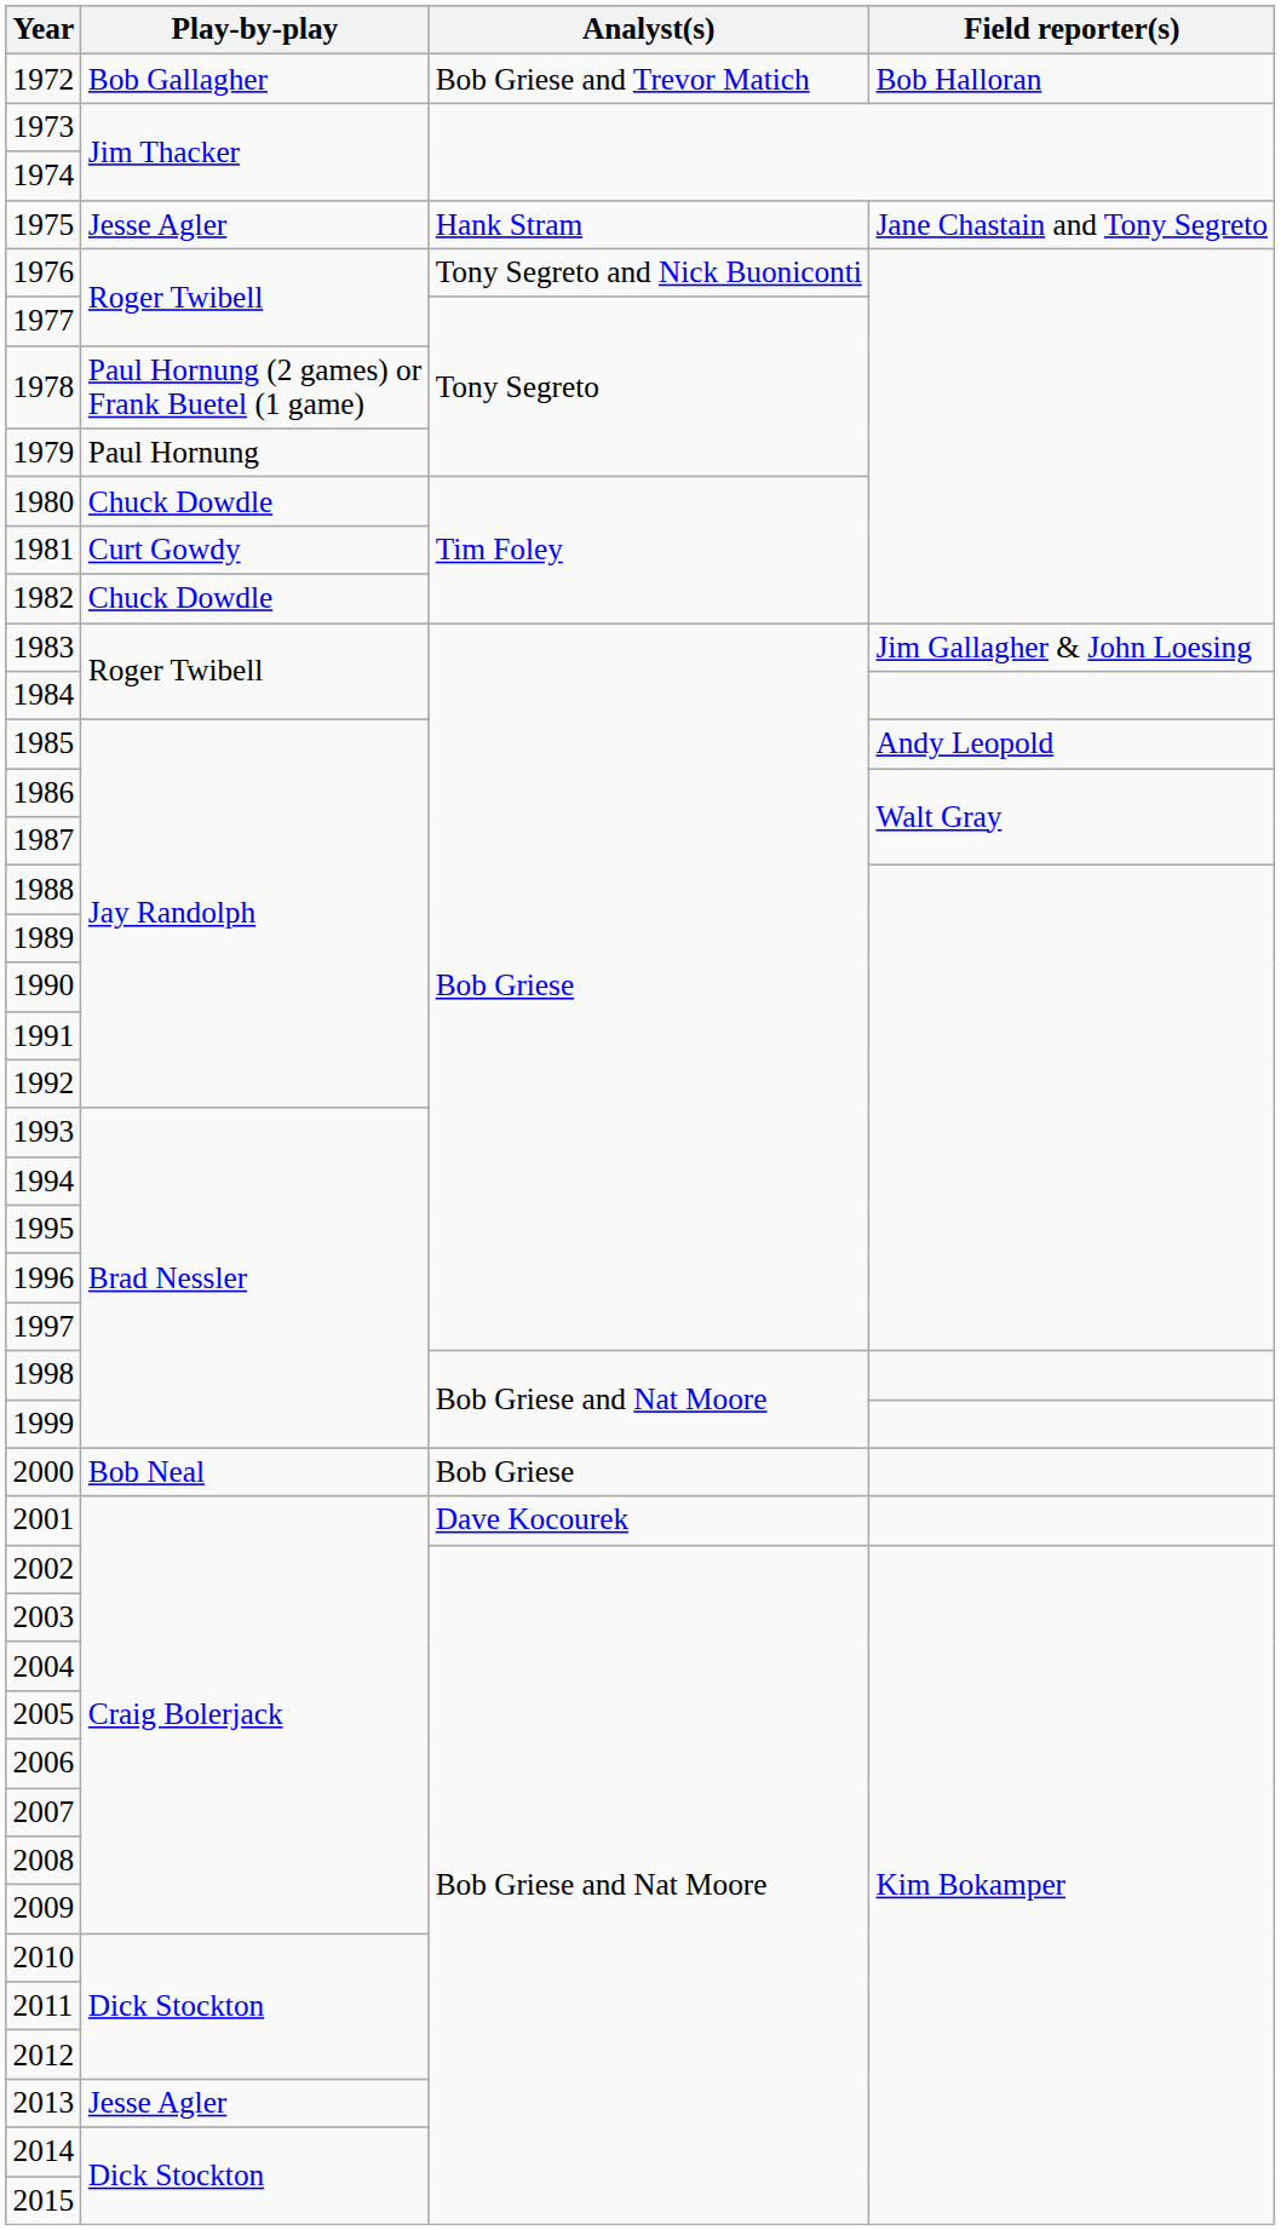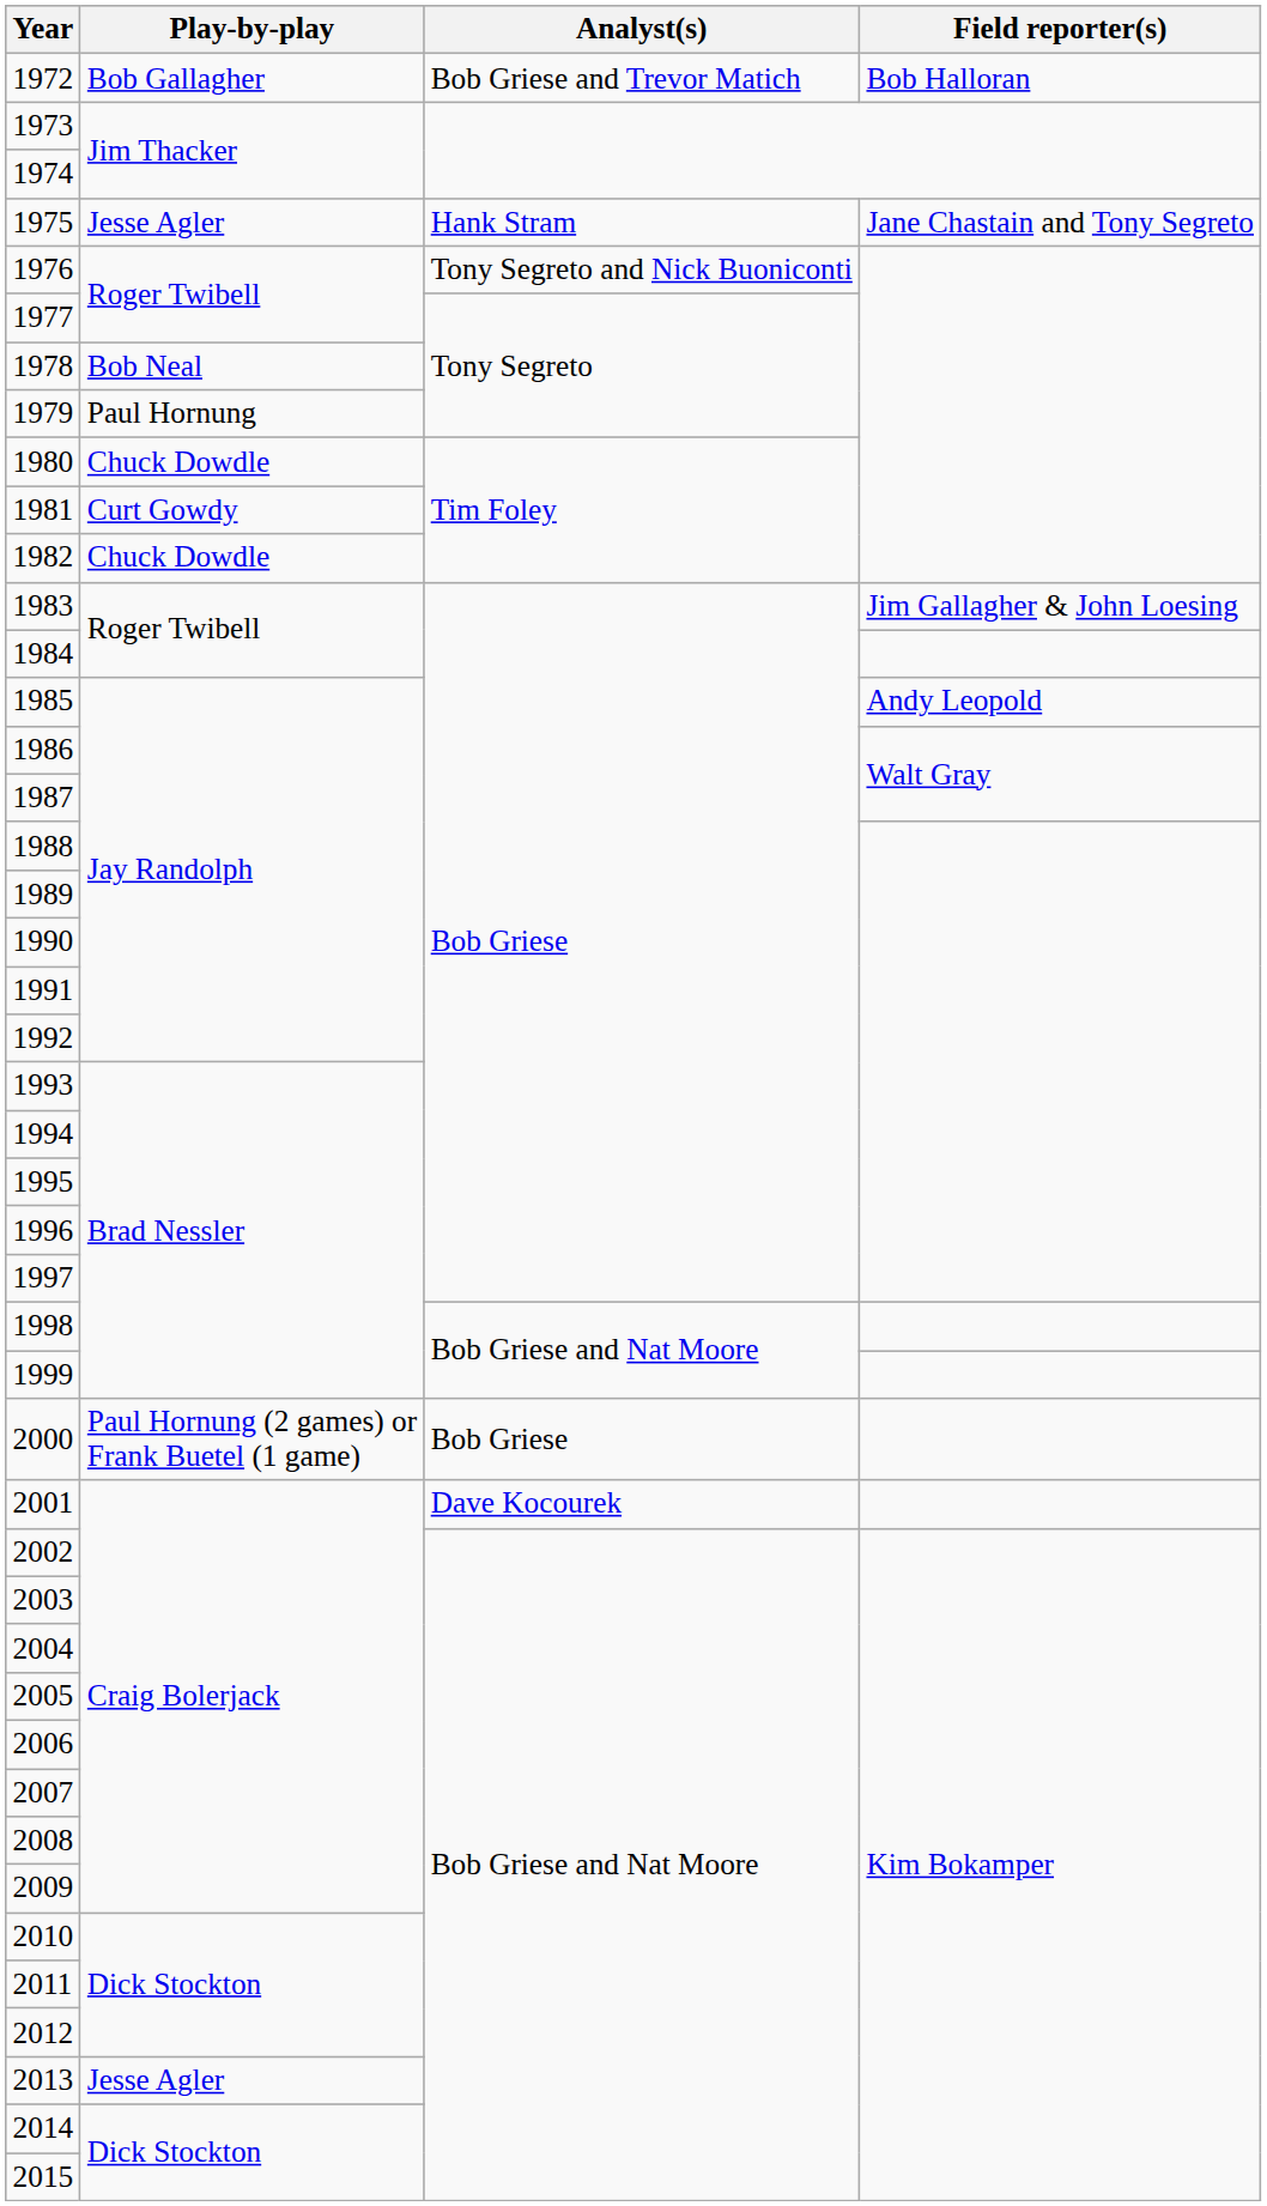 <table class="wikitable">
 <tr>
 <th>Year</th>
 <th>Play-by-play</th>
 <th>Analyst(s)</th>
 <th>Field reporter(s)</th>
 </tr>
 <tr>
 <td>1972</td>
 <td rowspan=1><a href='#'>Bob Gallagher</a></td>
 <td rowspan=1>Bob Griese and <a href='#'>Trevor Matich</a></td>
 <td rowspan=1><a href='#'>Bob Halloran</a></td>
 </tr>
 <tr>
 <td>1973</td>
 <td rowspan=2><a href='#'>Jim Thacker</a></td>
 </tr>
 <tr>
 <td>1974</td>
 </tr>
 <tr>
 <td>1975</td>
 <td rowspan=1><a href='#'>Jesse Agler</a></td>
 <td rowspan=1><a href='#'>Hank Stram</a></td>
 <td rowspan=1><a href='#'>Jane Chastain</a> and <a href='#'>Tony Segreto</a></td>
 </tr>
 <tr>
 <td>1976</td>
 <td rowspan=2><a href='#'>Roger Twibell</a></td>
 <td rowspan=1>Tony Segreto and <a href='#'>Nick Buoniconti</a></td>
 </tr>
 <tr>
 <td>1977</td>
 <td rowspan=3>Tony Segreto</td>
 </tr>
 <tr>
 <td>1978</td>
-<td rowspan=1><a href='#'>Paul Hornung</a> (2 games) or<br><a href='#'>Frank Buetel</a> (1 game)</td>
+<td rowspan=1><a href='#'>Bob Neal</a></td>
 </tr>
 <tr>
 <td>1979</td>
 <td rowspan=1>Paul Hornung</td>
 </tr>
 <tr>
 <td>1980</td>
 <td rowspan=1><a href='#'>Chuck Dowdle</a></td>
 <td rowspan=3><a href='#'>Tim Foley</a></td>
 </tr>
 <tr>
 <td>1981</td>
 <td rowspan=1><a href='#'>Curt Gowdy</a></td>
 </tr>
 <tr>
 <td>1982</td>
 <td rowspan=1><a href='#'>Chuck Dowdle</a></td>
 </tr>
 <tr>
 <td>1983</td>
 <td rowspan=2>Roger Twibell</td>
 <td rowspan=15><a href='#'>Bob Griese</a></td>
 <td rowspan=1><a href='#'>Jim Gallagher</a> & <a href='#'>John Loesing</a></td>
 </tr>
 <tr>
 <td>1984</td>
 </tr>
 <tr>
 <td>1985</td>
 <td rowspan=8><a href='#'>Jay Randolph</a></td>
 <td rowspan=1><a href='#'>Andy Leopold</a></td>
 </tr>
 <tr>
 <td>1986</td>
 <td rowspan=2><a href='#'>Walt Gray</a></td>
 </tr>
 <tr>
 <td>1987</td>
 </tr>
 <tr>
 <td>1988</td>
 </tr>
 <tr>
 <td>1989</td>
 </tr>
 <tr>
 <td>1990</td>
 </tr>
 <tr>
 <td>1991</td>
 </tr>
 <tr>
 <td>1992</td>
 </tr>
 <tr>
 <td>1993</td>
 <td rowspan=7><a href='#'>Brad Nessler</a></td>
 </tr>
 <tr>
 <td>1994</td>
 </tr>
 <tr>
 <td>1995</td>
 </tr>
 <tr>
 <td>1996</td>
 </tr>
 <tr>
 <td>1997</td>
 </tr>
 <tr>
 <td>1998</td>
 <td rowspan=2>Bob Griese and <a href='#'>Nat Moore</a></td>
 <td></td>
 </tr>
 <tr>
 <td>1999</td>
 </tr>
 <tr>
 <td>2000</td>
-<td rowspan=1><a href='#'>Bob Neal</a></td>
+<td rowspan=1><a href='#'>Paul Hornung</a> (2 games) or<br><a href='#'>Frank Buetel</a> (1 game)</td>
 <td rowspan=1>Bob Griese</td>
 <td></td>
 </tr>
 <tr>
 <td>2001</td>
 <td rowspan=9><a href='#'>Craig Bolerjack</a></td>
 <td rowspan=1><a href='#'>Dave Kocourek</a></td>
 <td></td>
 </tr>
 <tr>
 <td>2002</td>
 <td rowspan=14>Bob Griese and Nat Moore</td>
 <td rowspan=14><a href='#'>Kim Bokamper</a></td>
 </tr>
 <tr>
 <td>2003</td>
 </tr>
 <tr>
 <td>2004</td>
 </tr>
 <tr>
 <td>2005</td>
 </tr>
 <tr>
 <td>2006</td>
 </tr>
 <tr>
 <td>2007</td>
 </tr>
 <tr>
 <td>2008</td>
 </tr>
 <tr>
 <td>2009</td>
 </tr>
 <tr>
 <td>2010</td>
 <td rowspan=3><a href='#'>Dick Stockton</a></td>
 </tr>
 <tr>
 <td>2011</td>
 </tr>
 <tr>
 <td>2012</td>
 </tr>
 <tr>
 <td>2013</td>
 <td rowspan=1><a href='#'>Jesse Agler</a></td>
 </tr>
 <tr>
 <td>2014</td>
 <td rowspan=2><a href='#'>Dick Stockton</a></td>
 </tr>
 <tr>
 <td>2015</td>
 </tr>
 </table>
